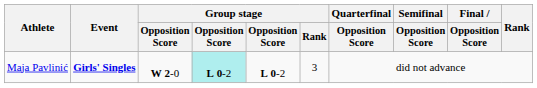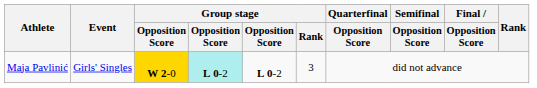 <table class="wikitable" style="font-size:90%">
 <tr>
 <th rowspan=2>Athlete</th>
 <th rowspan=2>Event</th>
 <th colspan=4>Group stage</th>
 <th>Quarterfinal</th>
 <th>Semifinal</th>
 <th>Final / </th>
 <th rowspan=2>Rank</th>
 </tr>
 <tr style="font-size:95%">
 <th>Opposition<br>Score</th>
 <th>Opposition<br>Score</th>
 <th>Opposition<br>Score</th>
 <th>Rank</th>
 <th>Opposition<br>Score</th>
 <th>Opposition<br>Score</th>
 <th>Opposition<br>Score</th>
 </tr>
 <tr align=center>
 <td align=left><a href='#'>Maja Pavlinić</a></td>
-<td align=left><strong><a href='#'>Girls' Singles</a></strong></td>
-<td> <br> <strong>W</strong> <strong>2</strong>-0</td>
+<td align=left><a href='#'>Girls' Singles</a></td>
+<td style="background: gold;"> <br> <strong>W</strong> <strong>2</strong>-0</td>
 <td style="background: paleturquoise;"> <br> <strong>L</strong> <strong>0</strong>-2</td>
 <td> <br> <strong>L</strong> <strong>0</strong>-2</td>
 <td>3</td>
 <td colspan=4>did not advance</td>
 </tr>
 </table>
